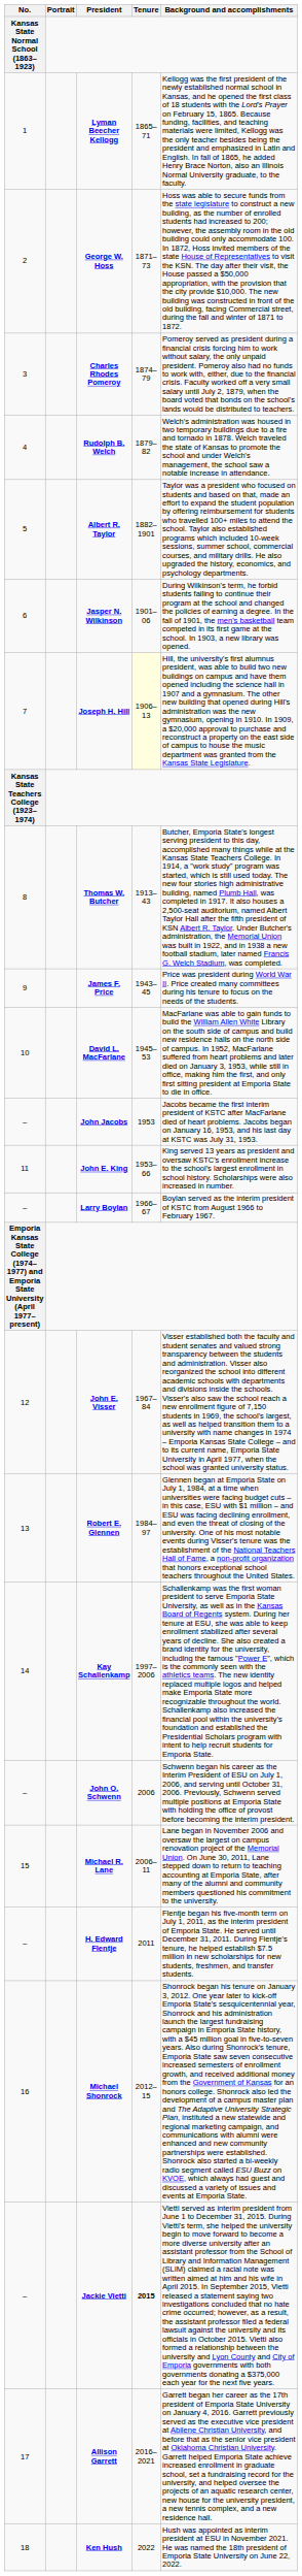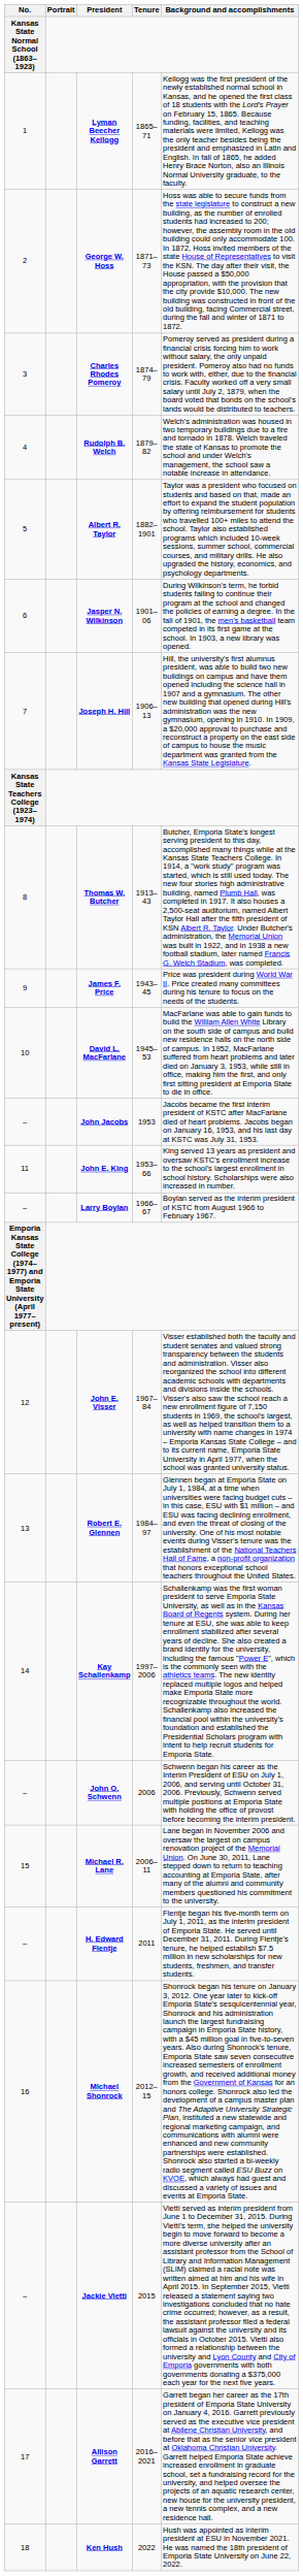 <table class="wikitable">
 <tr>
 <th width="1%">No.</th>
 <th width="10%">Portrait</th>
 <th width="18">President</th>
 <th width="9%">Tenure</th>
 <th width="60%">Background and accomplishments</th>
 </tr>
 <tr>
 <th>Kansas State Normal School (1863–1923)</th>
 </tr>
 <tr align="center">
 <td>1</td>
 <td></td>
 <td><strong><a href='#'>Lyman Beecher Kellogg</a></strong></td>
 <td>1865–71</td>
 <td align="left">Kellogg was the first president of the newly established normal school in Kansas, and he opened the first class of 18 students with the <em>Lord's Prayer</em> on February 15, 1865. Because funding, facilities, and teaching materials were limited, Kellogg was the only teacher besides being the president and emphasized in Latin and English. In fall of 1865, he added Henry Brace Norton, also an Illinois Normal University graduate, to the faculty.</td>
 </tr>
 <tr align="center">
 <td>2</td>
 <td></td>
 <td><strong><a href='#'>George W. Hoss</a></strong></td>
 <td>1871–73</td>
 <td align="left">Hoss was able to secure funds from the <a href='#'>state legislature</a> to construct a new building, as the number of enrolled students had increased to 200; however, the assembly room in the old building could only accommodate 100. In 1872, Hoss invited members of the state <a href='#'>House of Representatives</a> to visit the KSN. The day after their visit, the House passed a $50,000 appropriation, with the provision that the city provide $10,000. The new building was constructed in front of the old building, facing Commercial street, during the fall and winter of 1871 to 1872.</td>
 </tr>
 <tr align="center">
 <td>3</td>
 <td></td>
 <td><strong><a href='#'>Charles Rhodes Pomeroy</a></strong></td>
 <td>1874–79</td>
 <td align="left">Pomeroy served as president during a financial crisis forcing him to work without salary, the only unpaid president. Pomeroy also had no funds to work with, either, due to the financial crisis. Faculty worked off a very small salary until July 2, 1879, when the board voted that bonds on the school's lands would be distributed to teachers.</td>
 </tr>
 <tr align="center">
 <td>4</td>
 <td></td>
 <td><strong><a href='#'>Rudolph B. Welch</a></strong></td>
 <td>1879–82</td>
 <td align="left">Welch's administration was housed in two temporary buildings due to a fire and tornado in 1878. Welch traveled the state of Kansas to promote the school and under Welch's management, the school saw a notable increase in attendance.</td>
 </tr>
 <tr align="center">
 <td>5</td>
 <td></td>
 <td><strong><a href='#'>Albert R. Taylor</a></strong></td>
 <td>1882–1901</td>
 <td align="left">Taylor was a president who focused on students and based on that, made an effort to expand the student population by offering reimbursement for students who travelled 100+ miles to attend the school. Taylor also established programs which included 10-week sessions, summer school, commercial courses, and military drills. He also upgraded the history, economics, and psychology departments.</td>
 </tr>
 <tr align="center">
 <td>6</td>
 <td></td>
 <td><strong><a href='#'>Jasper N. Wilkinson</a></strong></td>
 <td>1901–06</td>
 <td align="left">During Wilkinson's term, he forbid students failing to continue their program at the school and changed the policies of earning a degree. In the fall of 1901, the <a href='#'>men's basketball</a> team competed in its first game at the school. In 1903, a new library was opened.</td>
 </tr>
 <tr align="center">
 <td>7</td>
 <td></td>
 <td><strong><a href='#'>Joseph H. Hill</a></strong></td>
-<td style="background: lightyellow;">1906–13</td>
+<td>1906–13</td>
 <td align="left">Hill, the university's first alumnus president, was able to build two new buildings on campus and have them opened including the science hall in 1907 and a gymnasium. The other new building that opened during Hill's administration was the new gymnasium, opening in 1910. In 1909, a $20,000 approval to purchase and reconstruct a property on the east side of campus to house the music department was granted from the <a href='#'>Kansas State Legislature</a>.</td>
 </tr>
 <tr>
 <th>Kansas State Teachers College (1923–1974)</th>
 </tr>
 <tr align="center">
 <td>8</td>
 <td></td>
 <td><strong><a href='#'>Thomas W. Butcher</a></strong></td>
 <td>1913–43</td>
 <td align="left">Butcher, Emporia State's longest serving president to this day, accomplished many things while at the Kansas State Teachers College. In 1914, a "work study" program was started, which is still used today. The new four stories high administrative building, named <a href='#'>Plumb Hall</a>, was completed in 1917. It also houses a 2,500-seat auditorium, named Albert Taylor Hall after the fifth president of KSN <a href='#'>Albert R. Taylor</a>. Under Butcher's administration, the <a href='#'>Memorial Union</a> was built in 1922, and in 1938 a new football stadium, later named <a href='#'>Francis G. Welch Stadium</a>, was completed.</td>
 </tr>
 <tr align="center">
 <td>9</td>
 <td></td>
 <td><strong><a href='#'>James F. Price</a></strong></td>
 <td>1943–45</td>
 <td align="left">Price was president during <a href='#'>World War II</a>. Price created many committees during his tenure to focus on the needs of the students.</td>
 </tr>
 <tr align="center">
 <td>10</td>
 <td></td>
 <td><strong><a href='#'>David L. MacFarlane</a></strong></td>
 <td>1945–53</td>
 <td align="left">MacFarlane was able to gain funds to build the <a href='#'>William Allen White</a> Library on the south side of campus and build new residence halls on the north side of campus. In 1952, MacFarlane suffered from heart problems and later died on January 3, 1953, while still in office, making him the first, and only first sitting president at Emporia State to die in office.</td>
 </tr>
 <tr align="center">
 <td>–</td>
 <td></td>
 <td><strong><a href='#'>John Jacobs</a></strong><br></td>
 <td>1953</td>
 <td align="left">Jacobs became the first interim president of KSTC after MacFarlane died of heart problems. Jacobs began on January 16, 1953, and his last day at KSTC was July 31, 1953.</td>
 </tr>
 <tr align="center">
 <td>11</td>
 <td></td>
 <td><strong><a href='#'>John E. King</a></strong></td>
 <td>1953–66</td>
 <td align="left">King served 13 years as president and oversaw KSTC's enrollment increase to the school's largest enrollment in school history. Scholarships were also increased in number.</td>
 </tr>
 <tr align="center">
 <td>–</td>
 <td></td>
 <td><strong><a href='#'>Larry Boylan</a></strong><br></td>
 <td>1966–67</td>
 <td align="left">Boylan served as the interim president of KSTC from August 1966 to February 1967.</td>
 </tr>
 <tr>
 <th>Emporia Kansas State College (1974–1977) and Emporia State University (April 1977–present)</th>
 </tr>
 <tr align="center">
 <td>12</td>
 <td></td>
 <td><strong><a href='#'>John E. Visser</a></strong></td>
 <td>1967–84</td>
 <td align="left">Visser established both the faculty and student senates and valued strong transparency between the students and administration. Visser also reorganized the school into different academic schools with departments and divisions inside the schools. Visser's also saw the school reach a new enrollment figure of  7,150 students in 1969, the school's largest, as well as helped transition them to a university with name changes in 1974 – Emporia Kansas State College – and to its current name, Emporia State University in April 1977, when the school was granted university status.</td>
 </tr>
 <tr align="center">
 <td>13</td>
 <td></td>
 <td><strong><a href='#'>Robert E. Glennen</a></strong></td>
 <td>1984–97</td>
 <td align="left">Glennen began at Emporia State on July 1, 1984, at a time when universities were facing budget cuts – in this case, ESU with $1 million – and ESU was facing declining enrollment, and even the threat of closing of the university. One of his most notable events during Visser's tenure was the establishment of the <a href='#'>National Teachers Hall of Fame</a>, a <a href='#'>non-profit organization</a> that honors exceptional school teachers throughout the United States.</td>
 </tr>
 <tr align="center">
 <td>14</td>
 <td></td>
 <td><strong><a href='#'>Kay Schallenkamp</a></strong></td>
 <td>1997–2006</td>
 <td align="left">Schallenkamp was the first woman president to serve Emporia State University, as well as in the <a href='#'>Kansas Board of Regents</a> system. During her tenure at ESU, she was able to keep enrollment stabilized after several years of decline. She also created a brand identity for the university, including the famous "<a href='#'>Power E</a>", which is the commonly seen with the <a href='#'>athletics teams</a>. The new identity replaced multiple logos and helped make Emporia State more recognizable throughout the world. Schallenkamp also increased the financial pool within the university's foundation and established the Presidential Scholars program with intent to help recruit students for Emporia State.</td>
 </tr>
 <tr align="center">
 <td>–</td>
 <td></td>
 <td><strong><a href='#'>John O. Schwenn</a></strong><br></td>
 <td>2006</td>
 <td align="left">Schwenn began his career as the Interim President of ESU on July 1, 2006, and serving until October 31, 2006. Previously, Schwenn served multiple positions at Emporia State with holding the office of provost before becoming the interim president.</td>
 </tr>
 <tr align="center">
 <td>15</td>
 <td></td>
 <td><strong><a href='#'>Michael R. Lane</a></strong></td>
 <td>2006–11</td>
 <td align="left">Lane began in November 2006 and oversaw the largest on campus renovation project of the <a href='#'>Memorial Union</a>. On June 30, 2011, Lane stepped down to return to teaching accounting at Emporia State, after many of the alumni and community members questioned his commitment to the university.</td>
 </tr>
 <tr align="center">
 <td>–</td>
 <td></td>
 <td><strong><a href='#'>H. Edward Flentje</a></strong><br></td>
 <td>2011</td>
 <td align="left">Flentje began his five-month term on July 1, 2011, as the interim president of Emporia State. He served until December 31, 2011. During Fientje's tenure, he helped establish $7.5 million in new scholarships for new students, freshmen, and transfer students.</td>
 </tr>
 <tr align="center">
 <td>16</td>
 <td></td>
 <td><strong><a href='#'>Michael Shonrock</a></strong></td>
 <td>2012–15</td>
 <td align="left">Shonrock began his tenure on January 3, 2012. One year later to kick-off Emporia State's sesquicentennial year, Shonrock and his administration launch the largest fundraising campaign in Emporia State history, with a $45 million goal in five-to-seven years. Also during Shonrock's tenure, Emporia State saw seven consecutive increased semesters of enrollment growth, and received additional money from the <a href='#'>Government of Kansas</a> for an honors college. Shonrock also led the development of a campus master plan and <em>The Adaptive University Strategic Plan</em>, instituted a new statewide and regional marketing campaign, and communications with alumni were enhanced and new community partnerships were established. Shonrock also started a bi-weekly radio segment called <em>ESU Buzz</em> on <a href='#'>KVOE</a>, which always had guest and discussed a variety of issues and events at Emporia State.</td>
 </tr>
 <tr align="center">
 <td>–</td>
 <td></td>
 <td><strong><a href='#'>Jackie Vietti</a></strong><br></td>
-<td><strong>2015</strong></td>
+<td>2015</td>
 <td align="left">Vietti served as interim president from June 1 to December 31, 2015. During Vietti's term, she helped the university begin to move forward to become a more diverse university after an assistant professor from the School of Library and Information Management (SLIM) claimed a racial note was written aimed at him and his wife in April 2015. In September 2015, Vietti released a statement saying two investigations concluded that no hate crime occurred; however, as a result, the assistant professor filed a federal lawsuit against the university and its officials in October 2015. Vietti also formed a relationship between the university and <a href='#'>Lyon County</a> and <a href='#'>City of Emporia</a> governments with both governments donating a $375,000 each year for the next five years.</td>
 </tr>
 <tr align="center">
 <td>17</td>
 <td></td>
 <td><strong><a href='#'>Allison Garrett</a></strong></td>
 <td>2016–2021</td>
 <td align="left">Garrett began her career as the 17th president of Emporia State University on January 4, 2016. Garrett previously served as the executive vice president at <a href='#'>Abilene Christian University</a>, and before that as the senior vice president at <a href='#'>Oklahoma Christian University</a>. Garrett helped Emporia State achieve increased enrollment in graduate school, set a fundraising record for the university, and helped oversee the projects of an aquatic research center, new house for the university president, a new tennis complex, and a new residence hall.</td>
 </tr>
 <tr align="center">
 <td>18</td>
 <td></td>
 <td><strong><a href='#'>Ken Hush</a></strong></td>
 <td>2022</td>
 <td align="left">Hush was appointed as interim president at ESU in November 2021. He was named the 18th president of Emporia State University on June 22, 2022.</td>
 </tr>
 </table>
